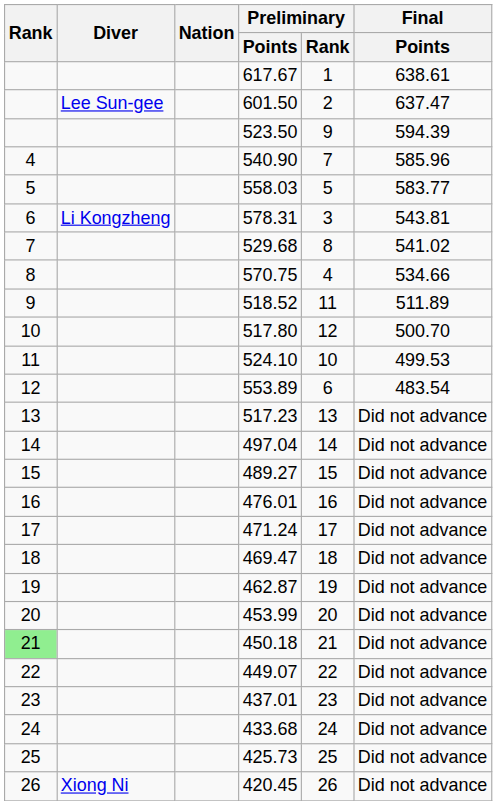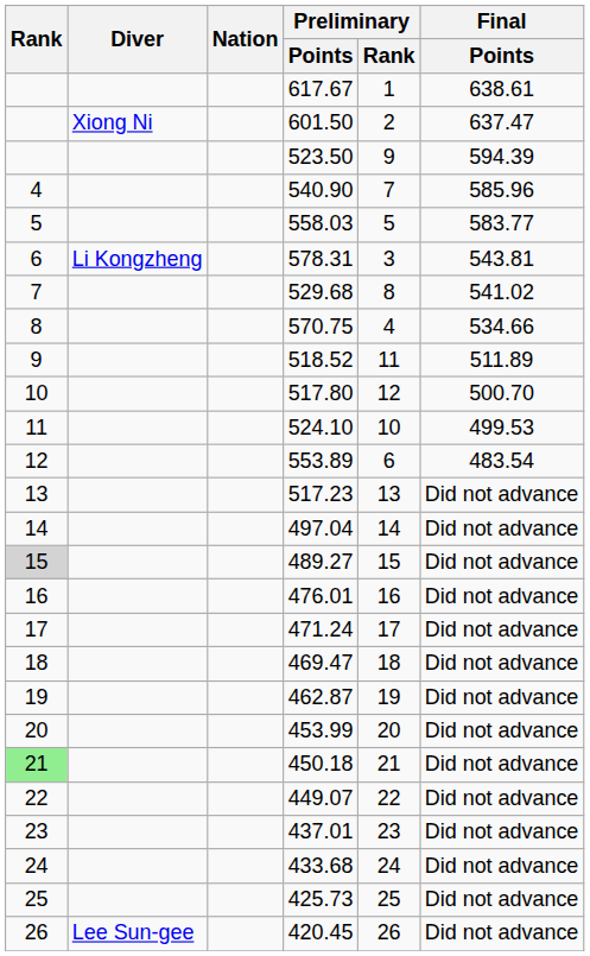 <table class="wikitable sortable" style="text-align:center;">
 <tr>
 <th rowspan=2>Rank</th>
 <th rowspan=2>Diver</th>
 <th rowspan=2>Nation</th>
 <th colspan=2>Preliminary</th>
 <th>Final</th>
 </tr>
 <tr>
 <th>Points</th>
 <th>Rank</th>
 <th>Points</th>
 </tr>
 <tr>
 <td></td>
 <td align=left></td>
 <td align=left></td>
 <td>617.67</td>
 <td>1</td>
 <td>638.61</td>
 </tr>
 <tr>
 <td></td>
-<td align=left><a href='#'>Lee Sun-gee</a></td>
+<td align=left><a href='#'>Xiong Ni</a></td>
 <td align=left></td>
 <td>601.50</td>
 <td>2</td>
 <td>637.47</td>
 </tr>
 <tr>
 <td></td>
 <td align=left></td>
 <td align=left></td>
 <td>523.50</td>
 <td>9</td>
 <td>594.39</td>
 </tr>
 <tr>
 <td>4</td>
 <td align=left></td>
 <td align=left></td>
 <td>540.90</td>
 <td>7</td>
 <td>585.96</td>
 </tr>
 <tr>
 <td>5</td>
 <td align=left></td>
 <td align=left></td>
 <td>558.03</td>
 <td>5</td>
 <td>583.77</td>
 </tr>
 <tr>
 <td>6</td>
 <td align=left><a href='#'>Li Kongzheng</a></td>
 <td align=left></td>
 <td>578.31</td>
 <td>3</td>
 <td>543.81</td>
 </tr>
 <tr>
 <td>7</td>
 <td align=left></td>
 <td align=left></td>
 <td>529.68</td>
 <td>8</td>
 <td>541.02</td>
 </tr>
 <tr>
 <td>8</td>
 <td align=left></td>
 <td align=left></td>
 <td>570.75</td>
 <td>4</td>
 <td>534.66</td>
 </tr>
 <tr>
 <td>9</td>
 <td align=left></td>
 <td align=left></td>
 <td>518.52</td>
 <td>11</td>
 <td>511.89</td>
 </tr>
 <tr>
 <td>10</td>
 <td align=left></td>
 <td align=left></td>
 <td>517.80</td>
 <td>12</td>
 <td>500.70</td>
 </tr>
 <tr>
 <td>11</td>
 <td align=left></td>
 <td align=left></td>
 <td>524.10</td>
 <td>10</td>
 <td>499.53</td>
 </tr>
 <tr>
 <td>12</td>
 <td align=left></td>
 <td align=left></td>
 <td>553.89</td>
 <td>6</td>
 <td>483.54</td>
 </tr>
 <tr>
 <td>13</td>
 <td align=left></td>
 <td align=left></td>
 <td>517.23</td>
 <td>13</td>
 <td>Did not advance</td>
 </tr>
 <tr>
 <td>14</td>
 <td align=left></td>
 <td align=left></td>
 <td>497.04</td>
 <td>14</td>
 <td>Did not advance</td>
 </tr>
 <tr>
-<td>15</td>
+<td style="background: lightgrey;">15</td>
 <td align=left></td>
 <td align=left></td>
 <td>489.27</td>
 <td>15</td>
 <td>Did not advance</td>
 </tr>
 <tr>
 <td>16</td>
 <td align=left></td>
 <td align=left></td>
 <td>476.01</td>
 <td>16</td>
 <td>Did not advance</td>
 </tr>
 <tr>
 <td>17</td>
 <td align=left></td>
 <td align=left></td>
 <td>471.24</td>
 <td>17</td>
 <td>Did not advance</td>
 </tr>
 <tr>
 <td>18</td>
 <td align=left></td>
 <td align=left></td>
 <td>469.47</td>
 <td>18</td>
 <td>Did not advance</td>
 </tr>
 <tr>
 <td>19</td>
 <td align=left></td>
 <td align=left></td>
 <td>462.87</td>
 <td>19</td>
 <td>Did not advance</td>
 </tr>
 <tr>
 <td>20</td>
 <td align=left></td>
 <td align=left></td>
 <td>453.99</td>
 <td>20</td>
 <td>Did not advance</td>
 </tr>
 <tr>
 <td style="background: lightgreen;">21</td>
 <td align=left></td>
 <td align=left></td>
 <td>450.18</td>
 <td>21</td>
 <td>Did not advance</td>
 </tr>
 <tr>
 <td>22</td>
 <td align=left></td>
 <td align=left></td>
 <td>449.07</td>
 <td>22</td>
 <td>Did not advance</td>
 </tr>
 <tr>
 <td>23</td>
 <td align=left></td>
 <td align=left></td>
 <td>437.01</td>
 <td>23</td>
 <td>Did not advance</td>
 </tr>
 <tr>
 <td>24</td>
 <td align=left></td>
 <td align=left></td>
 <td>433.68</td>
 <td>24</td>
 <td>Did not advance</td>
 </tr>
 <tr>
 <td>25</td>
 <td align=left></td>
 <td align=left></td>
 <td>425.73</td>
 <td>25</td>
 <td>Did not advance</td>
 </tr>
 <tr>
 <td>26</td>
-<td align=left><a href='#'>Xiong Ni</a></td>
+<td align=left><a href='#'>Lee Sun-gee</a></td>
 <td align=left></td>
 <td>420.45</td>
 <td>26</td>
 <td>Did not advance</td>
 </tr>
 </table>
